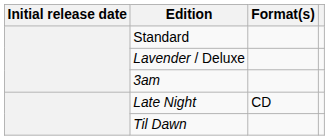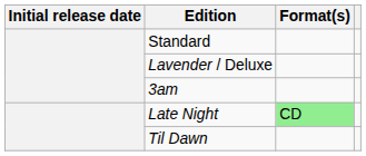 <table class="wikitable sortable plainrowheaders">
 <tr>
 <th scope="col">Initial release date</th>
 <th scope="col">Edition</th>
 <th scope="col">Format(s)</th>
 <th scope="col" class="unsortable"></th>
 </tr>
 <tr>
 <th scope="row" rowspan="3"></th>
 <td>Standard</td>
 <td></td>
 <td style="text-align:center;"></td>
 </tr>
 <tr>
 <td><em>Lavender</em> / Deluxe</td>
 <td></td>
 <td style="text-align:center;"></td>
 </tr>
 <tr>
 <td><em>3am</em></td>
 <td></td>
 <td style="text-align:center;"></td>
 </tr>
 <tr>
 <th scope="row" rowspan="2"></th>
 <td><em>Late Night</em></td>
-<td>CD</td>
+<td style="background: lightgreen;">CD</td>
 <td style="text-align:center;"></td>
 </tr>
 <tr>
 <td><em>Til Dawn</em></td>
 <td></td>
 <td style="text-align:center;"></td>
 </tr>
 </table>
